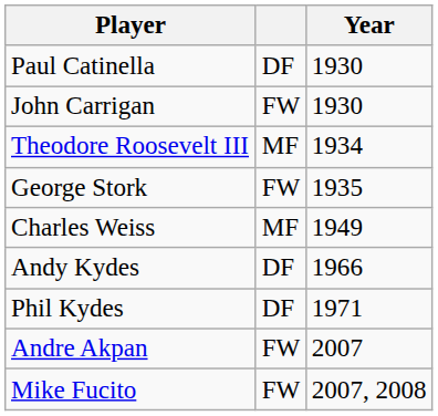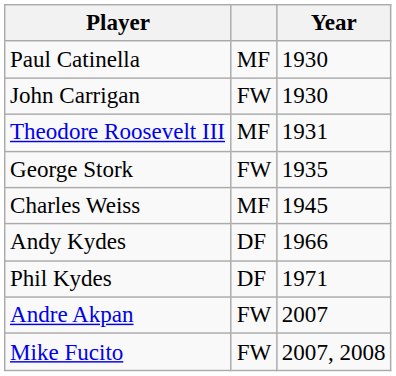 <table class="wikitable"; style= "text-align: ">
 <tr>
 <th width=150px>Player</th>
 <th width=px></th>
 <th width=px>Year</th>
 </tr>
 <tr>
 <td>Paul Catinella</td>
-<td>DF</td>
+<td>MF</td>
 <td>1930</td>
 </tr>
 <tr>
 <td>John Carrigan</td>
 <td>FW</td>
 <td>1930</td>
 </tr>
 <tr>
 <td><a href='#'>Theodore Roosevelt III</a></td>
 <td>MF</td>
-<td>1934</td>
+<td>1931</td>
 </tr>
 <tr>
 <td>George Stork</td>
 <td>FW</td>
 <td>1935</td>
 </tr>
 <tr>
 <td>Charles Weiss</td>
 <td>MF</td>
-<td>1949</td>
+<td>1945</td>
 </tr>
 <tr>
 <td>Andy Kydes</td>
 <td>DF</td>
 <td>1966</td>
 </tr>
 <tr>
 <td>Phil Kydes</td>
 <td>DF</td>
 <td>1971</td>
 </tr>
 <tr>
 <td><a href='#'>Andre Akpan</a></td>
 <td>FW</td>
 <td>2007</td>
 </tr>
 <tr>
 <td><a href='#'>Mike Fucito</a></td>
 <td>FW</td>
 <td>2007, 2008</td>
 </tr>
 </table>
